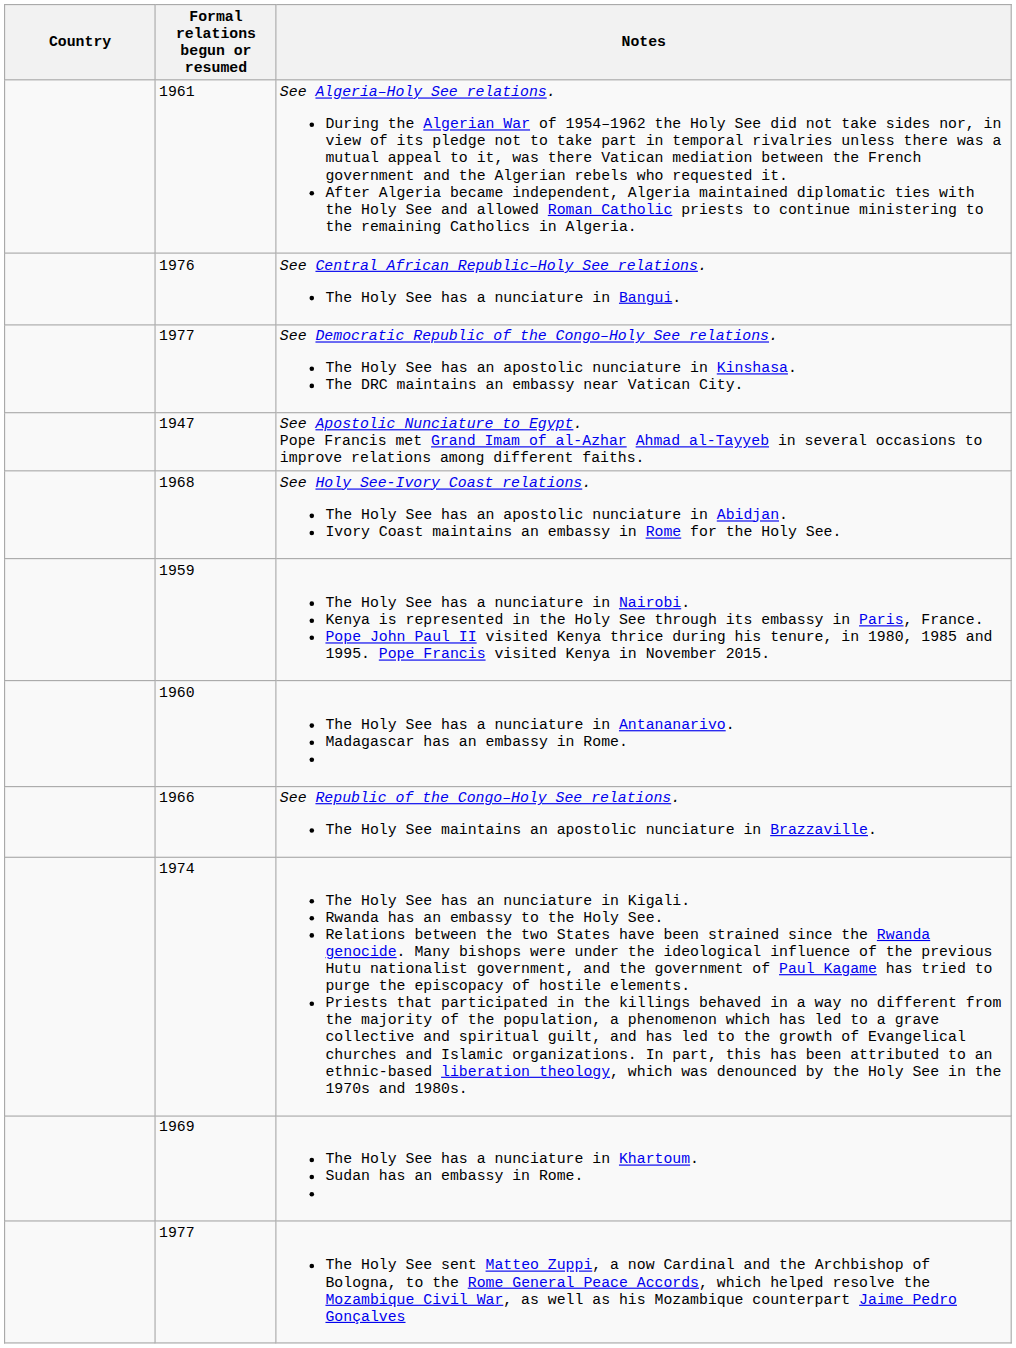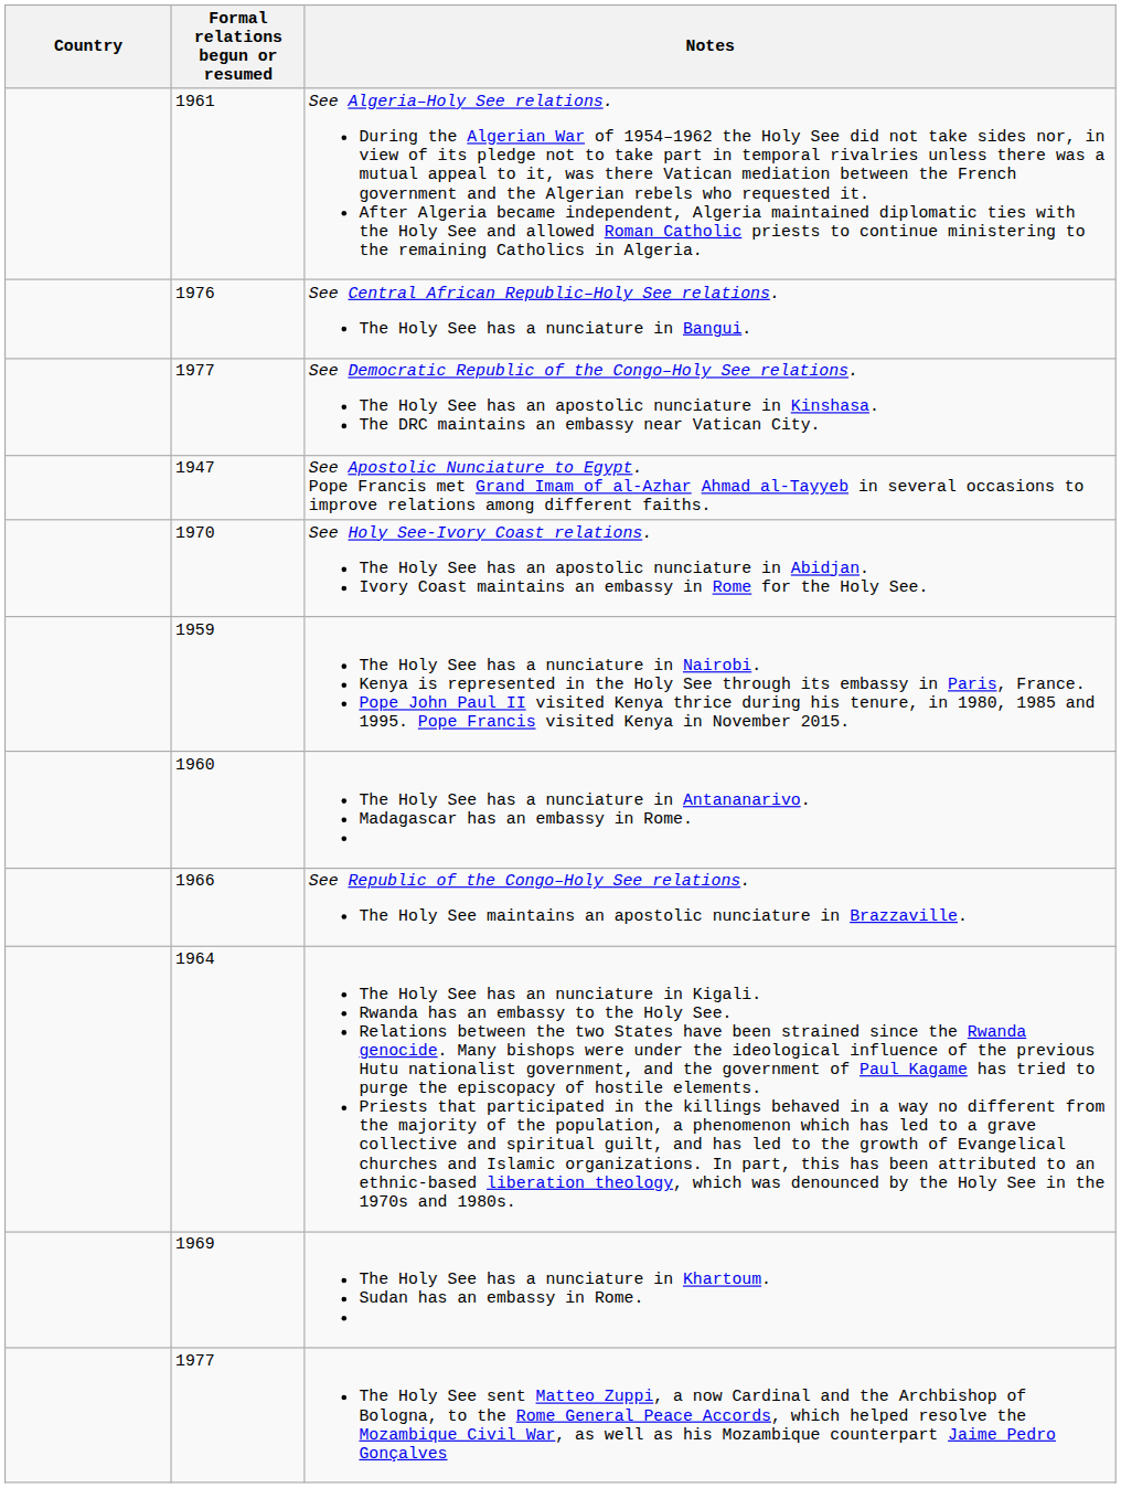 <table class="wikitable sortable" style="width:100%; margin:auto;">
 <tr>
 <th style="width:15%;">Country</th>
 <th style="width:12%;">Formal relations begun or resumed</th>
 <th>Notes</th>
 </tr>
 <tr valign="top">
 <td></td>
 <td>1961</td>
 <td><em>See <a href='#'>Algeria–Holy See relations</a>.</em><br><ul><li>During the <a href='#'>Algerian War</a> of 1954–1962 the Holy See did not take sides nor, in view of its pledge not to take part in temporal rivalries unless there was a mutual appeal to it, was there Vatican mediation between the French government and the Algerian rebels who requested it.</li><li>After Algeria became independent, Algeria maintained diplomatic ties with the Holy See and allowed <a href='#'>Roman Catholic</a> priests to continue ministering to the remaining Catholics in Algeria.</li></ul></td>
 </tr>
 <tr valign="top">
 <td></td>
 <td>1976</td>
 <td><em>See <a href='#'>Central African Republic–Holy See relations</a>.</em><br><ul><li>The Holy See has a nunciature in <a href='#'>Bangui</a>.</li></ul></td>
 </tr>
 <tr valign="top">
 <td></td>
 <td>1977</td>
 <td><em>See <a href='#'>Democratic Republic of the Congo–Holy See relations</a>.</em><br><ul><li>The Holy See has an apostolic nunciature in <a href='#'>Kinshasa</a>.</li><li>The DRC maintains an embassy near Vatican City.</li></ul></td>
 </tr>
 <tr valign="top">
 <td></td>
 <td>1947</td>
 <td><em>See <a href='#'>Apostolic Nunciature to Egypt</a>.</em><br>Pope Francis met <a href='#'>Grand Imam of al-Azhar</a> <a href='#'>Ahmad al-Tayyeb</a> in several occasions to improve relations among different faiths.</td>
 </tr>
 <tr valign="top">
 <td></td>
-<td>1968</td>
+<td>1970</td>
 <td><em>See <a href='#'>Holy See-Ivory Coast relations</a>.</em><br><ul><li>The Holy See has an apostolic nunciature in <a href='#'>Abidjan</a>.</li><li>Ivory Coast maintains an embassy in <a href='#'>Rome</a> for the Holy See.</li></ul></td>
 </tr>
 <tr valign="top">
 <td></td>
 <td>1959</td>
 <td><br><ul><li>The Holy See has a nunciature in <a href='#'>Nairobi</a>.</li><li>Kenya is represented in the Holy See through its embassy in <a href='#'>Paris</a>, France.</li><li><a href='#'>Pope John Paul II</a> visited Kenya thrice during his tenure, in 1980, 1985 and 1995. <a href='#'>Pope Francis</a> visited Kenya in November 2015.</li></ul></td>
 </tr>
 <tr valign="top">
 <td></td>
 <td>1960</td>
 <td><br><ul><li>The Holy See has a nunciature in <a href='#'>Antananarivo</a>.</li><li>Madagascar has an embassy in Rome.</li><li></li></ul></td>
 </tr>
 <tr valign="top">
 <td></td>
 <td>1966</td>
 <td><em>See <a href='#'>Republic of the Congo–Holy See relations</a>.</em><br><ul><li>The Holy See maintains an apostolic nunciature in <a href='#'>Brazzaville</a>.</li></ul></td>
 </tr>
 <tr valign="top">
 <td></td>
-<td>1974</td>
+<td>1964</td>
 <td><br><ul><li>The Holy See has an nunciature in Kigali.</li><li>Rwanda has an embassy to the Holy See.</li><li>Relations between the two States have been strained since the <a href='#'>Rwanda genocide</a>. Many bishops were under the ideological influence of the previous Hutu nationalist government, and the government of <a href='#'>Paul Kagame</a> has tried to purge the episcopacy of hostile elements.</li><li>Priests that participated in the killings behaved in a way no different from the majority of the population, a phenomenon which has led to a grave collective and spiritual guilt, and has led to the growth of Evangelical churches and Islamic organizations. In part, this has been attributed to an ethnic-based <a href='#'>liberation theology</a>, which was denounced by the Holy See in the 1970s and 1980s.</li></ul></td>
 </tr>
 <tr valign="top">
 <td></td>
 <td>1969</td>
 <td><br><ul><li>The Holy See has a nunciature in <a href='#'>Khartoum</a>.</li><li>Sudan has an embassy in Rome.</li><li></li></ul></td>
 </tr>
 <tr valign="top">
 <td></td>
 <td>1977</td>
 <td><br><ul><li>The Holy See sent <a href='#'>Matteo Zuppi</a>, a now Cardinal and the Archbishop of Bologna, to the <a href='#'>Rome General Peace Accords</a>, which helped resolve the <a href='#'>Mozambique Civil War</a>, as well as his Mozambique counterpart <a href='#'>Jaime Pedro Gonçalves</a></li></ul></td>
 </tr>
 </table>
